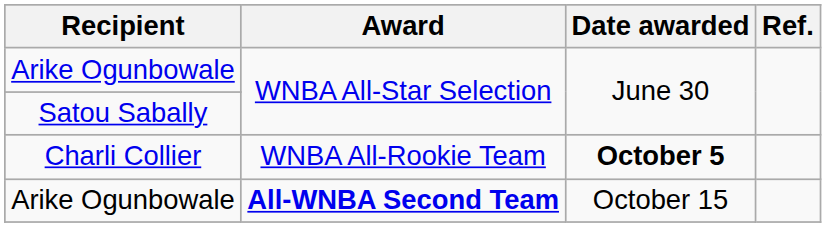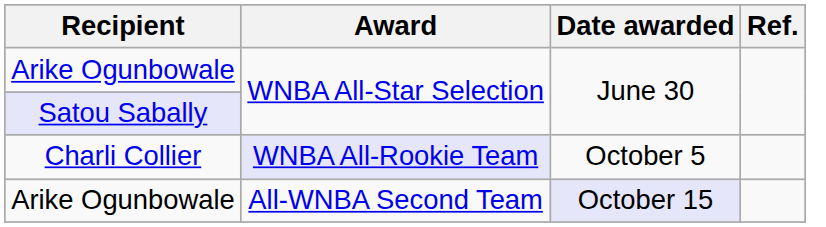 <table class="wikitable sortable sortable" style="text-align: center">
 <tr>
 <th>Recipient</th>
 <th>Award</th>
 <th>Date awarded</th>
 <th>Ref.</th>
 </tr>
 <tr>
 <td><a href='#'>Arike Ogunbowale</a></td>
 <td rowspan=2><a href='#'>WNBA All-Star Selection</a></td>
 <td rowspan=2>June 30</td>
 <td rowspan=2></td>
 </tr>
 <tr>
-<td><a href='#'>Satou Sabally</a></td>
+<td style="background: lavender;"><a href='#'>Satou Sabally</a></td>
 </tr>
 <tr>
 <td><a href='#'>Charli Collier</a></td>
-<td><a href='#'>WNBA All-Rookie Team</a></td>
-<td><strong>October 5</strong></td>
+<td style="background: lavender;"><a href='#'>WNBA All-Rookie Team</a></td>
+<td>October 5</td>
 <td></td>
 </tr>
 <tr>
 <td>Arike Ogunbowale</td>
-<td><strong><a href='#'>All-WNBA Second Team</a></strong></td>
-<td>October 15</td>
+<td><a href='#'>All-WNBA Second Team</a></td>
+<td style="background: lavender;">October 15</td>
 <td></td>
 </tr>
 </table>
